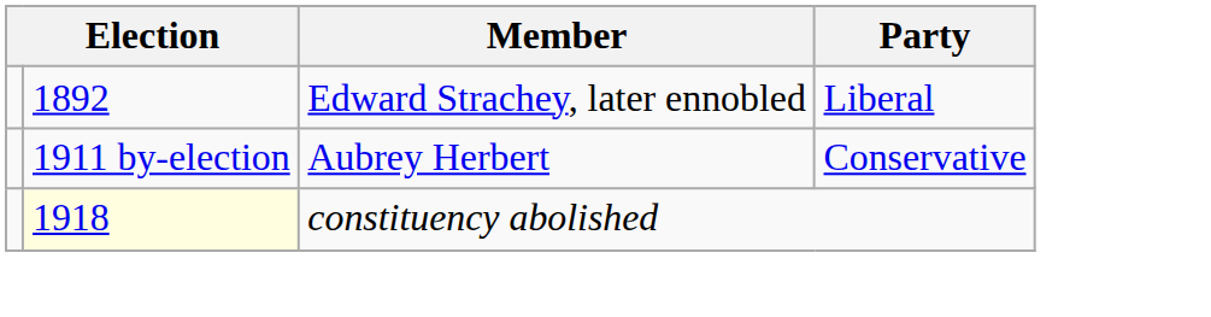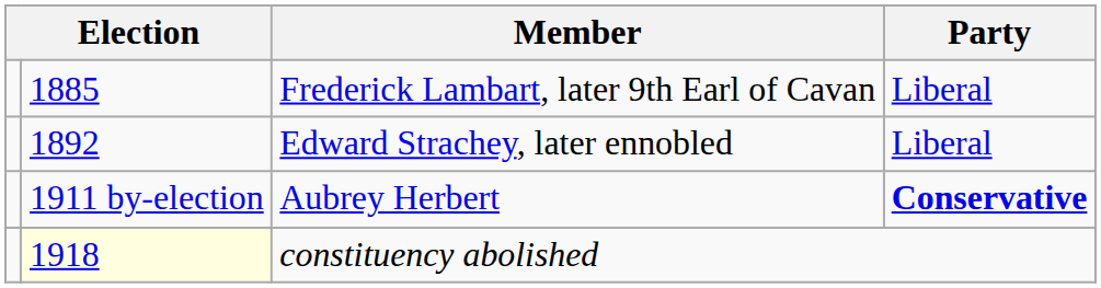 <table class="wikitable">
 <tr>
 <th colspan="2">Election</th>
 <th>Member</th>
 <th>Party</th>
+</tr>
+<tr>
+<td style="color:inherit;background-color: "></td>
+<td><a href='#'>1885</a></td>
+<td><a href='#'>Frederick Lambart</a>, later 9th Earl of Cavan</td>
+<td><a href='#'>Liberal</a></td>
 </tr>
 <tr>
 <td style="color:inherit;background-color: "></td>
 <td><a href='#'>1892</a></td>
 <td><a href='#'>Edward Strachey</a>, later ennobled</td>
 <td><a href='#'>Liberal</a></td>
 </tr>
 <tr>
 <td style="color:inherit;background-color: "></td>
 <td><a href='#'>1911 by-election</a></td>
 <td><a href='#'>Aubrey Herbert</a></td>
-<td><a href='#'>Conservative</a></td>
+<td><strong><a href='#'>Conservative</a></strong></td>
 </tr>
 <tr>
 <td></td>
 <td style="background: lightyellow;"><a href='#'>1918</a></td>
 <td colspan="2"><em>constituency abolished</em></td>
 </tr>
 </table>
